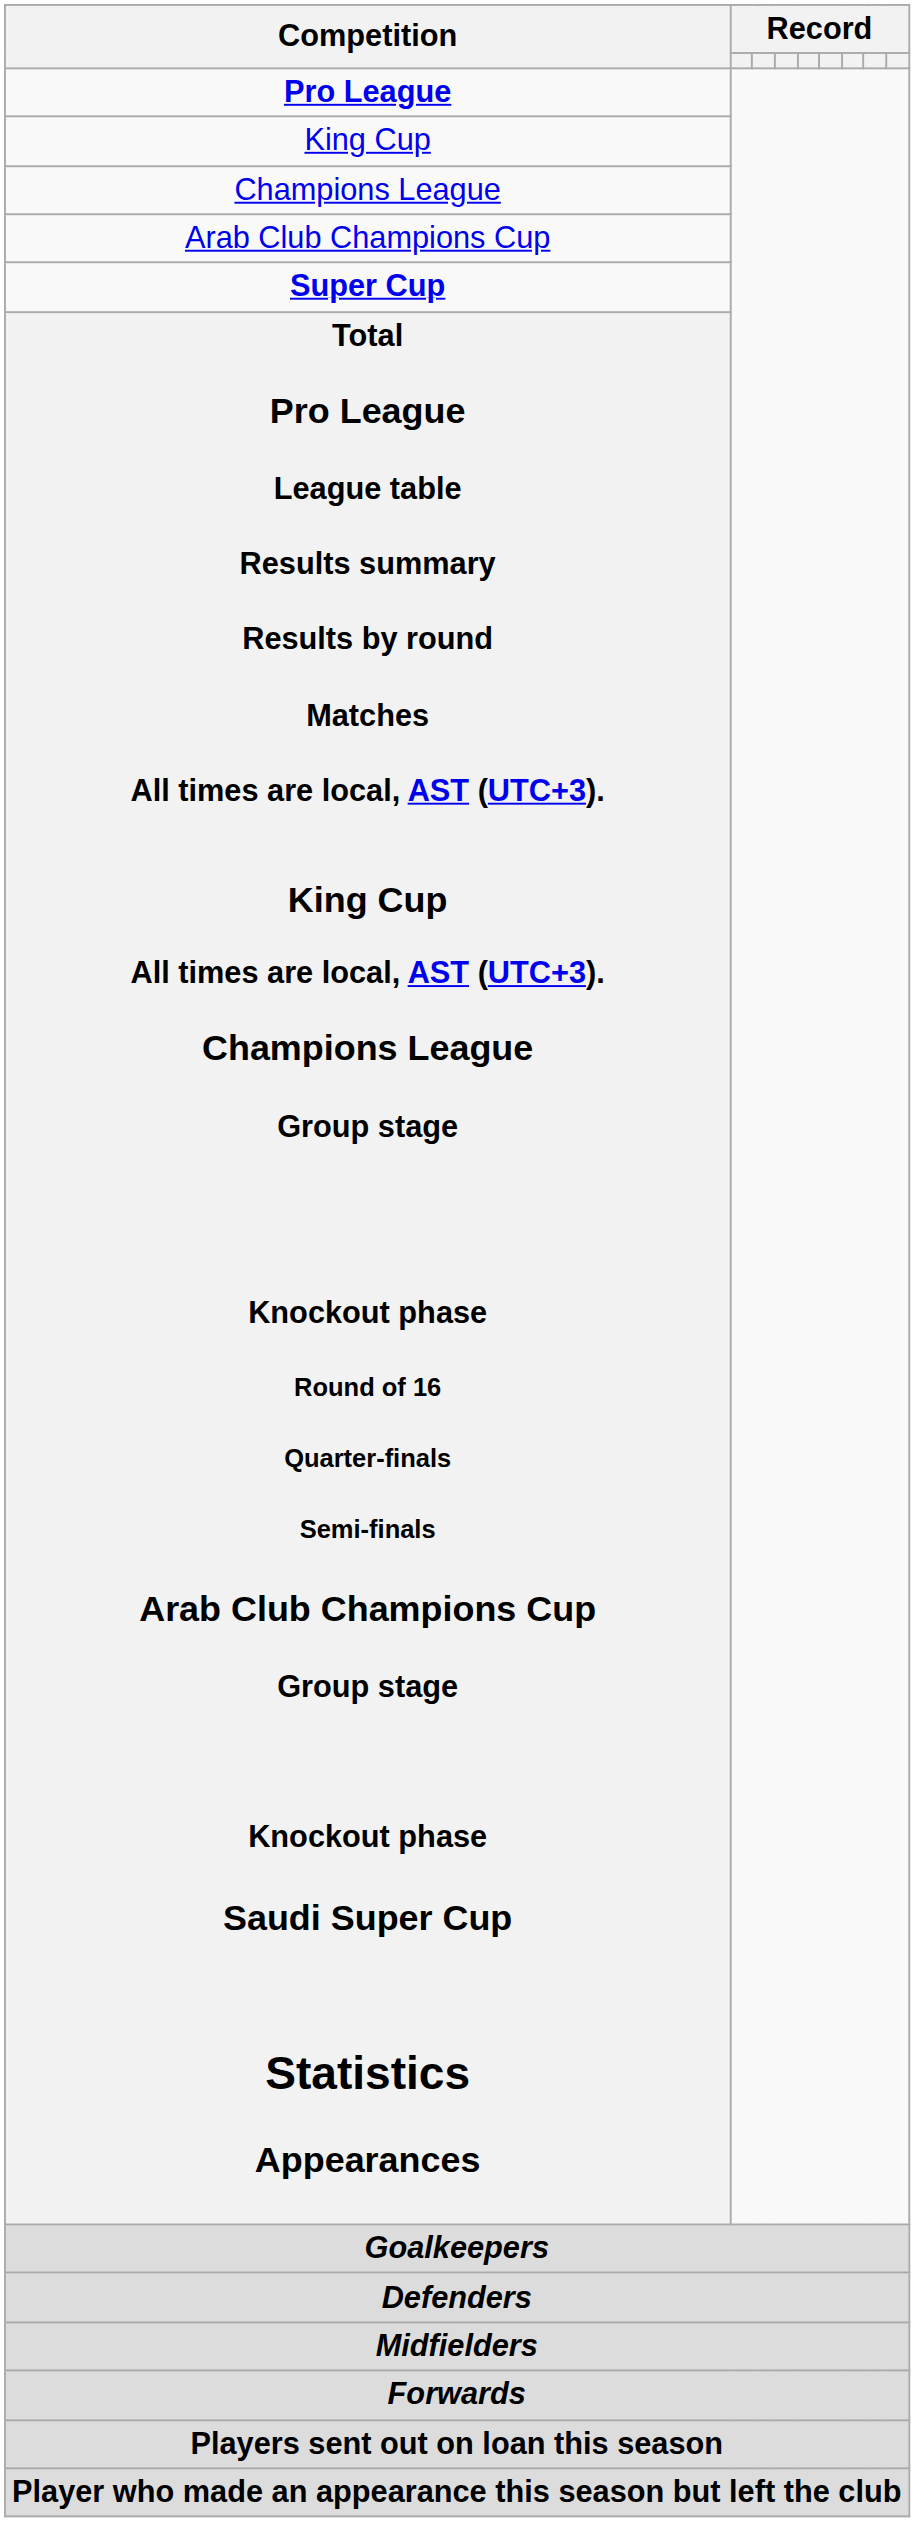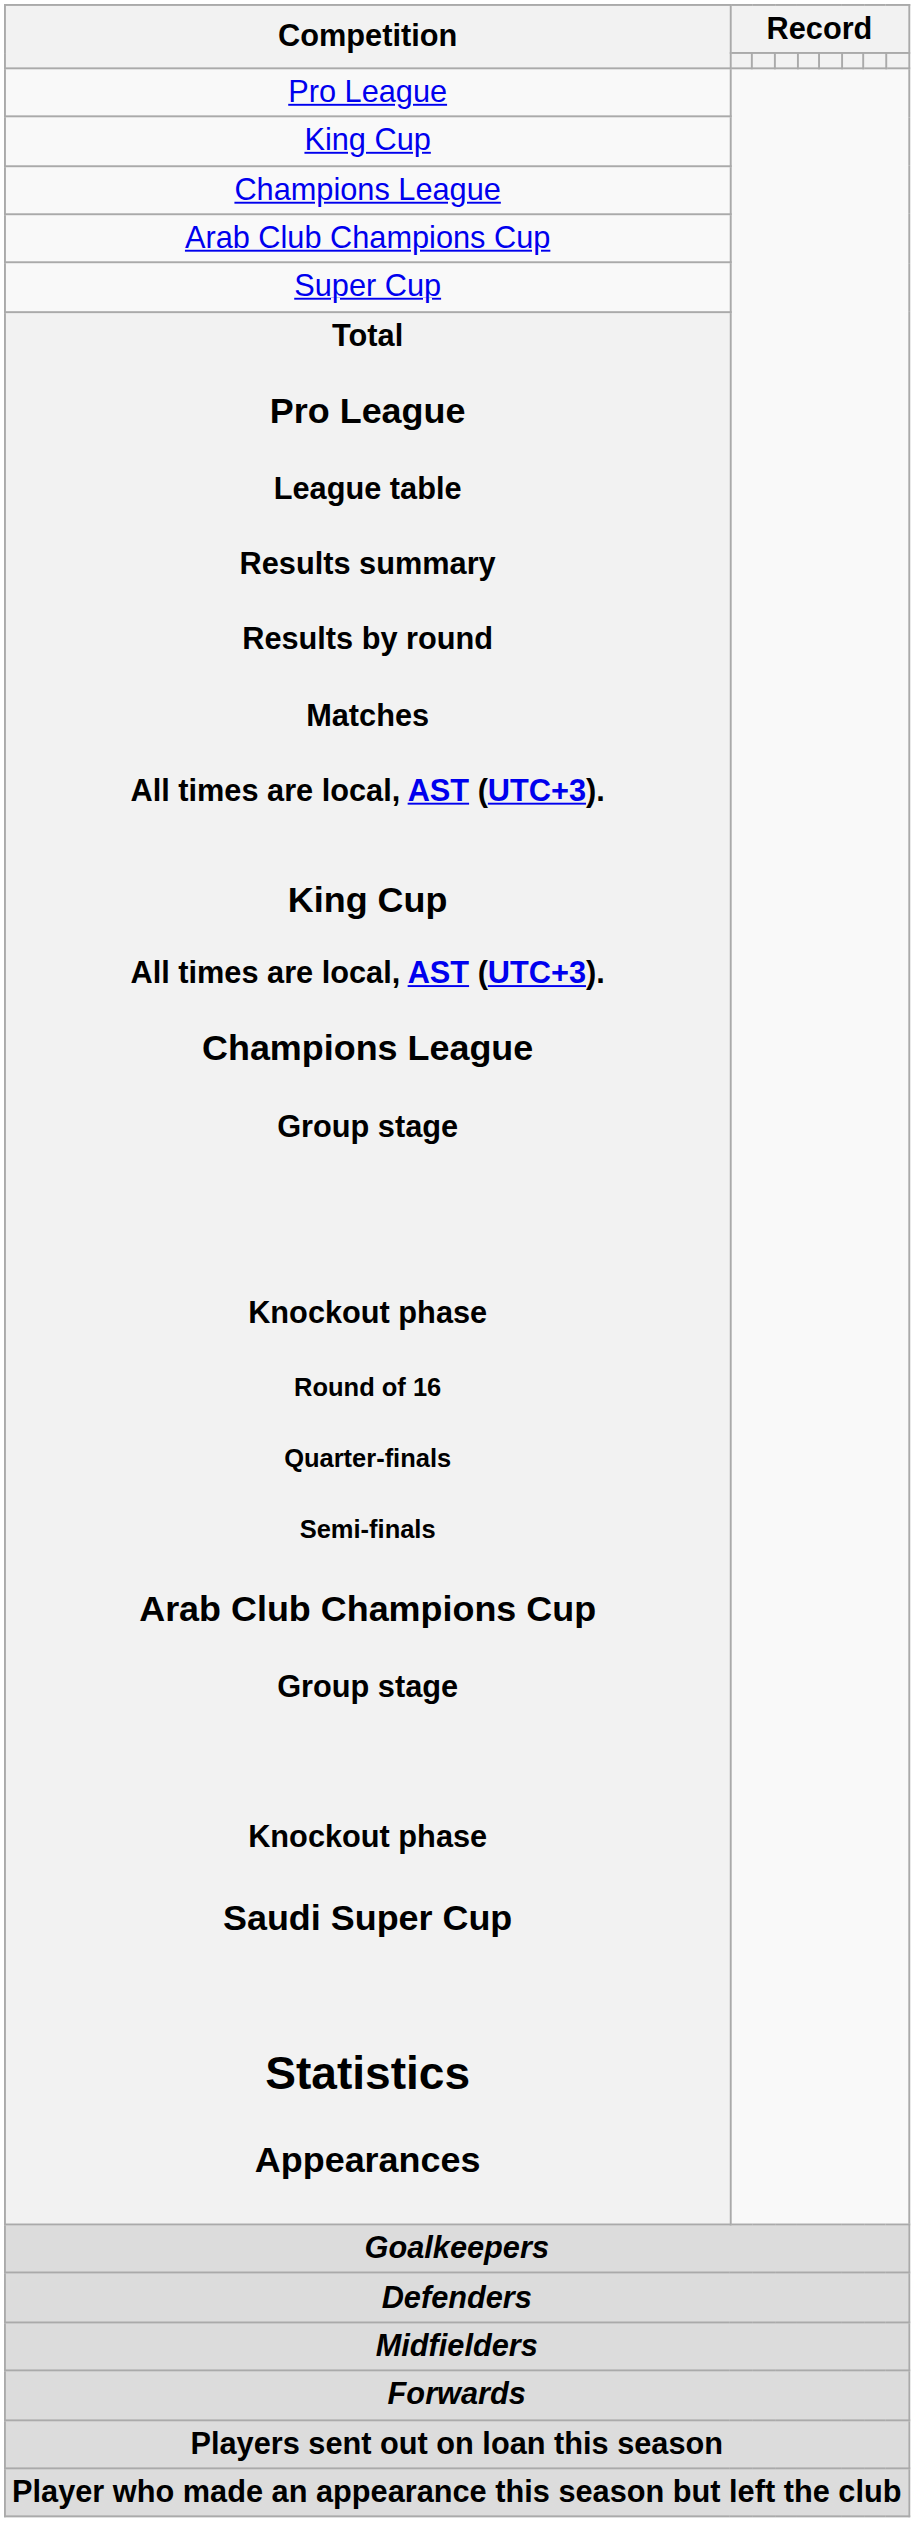 <table class="wikitable" style="text-align: center">
 <tr>
 <th rowspan=2>Competition</th>
 <th colspan=8>Record</th>
 </tr>
 <tr>
 <th></th>
 <th></th>
 <th></th>
 <th></th>
 <th></th>
 <th></th>
 <th></th>
 <th></th>
 </tr>
 <tr>
-<td><strong><a href='#'>Pro League</a><br></strong></td>
+<td><a href='#'>Pro League</a><br></td>
 </tr>
 <tr>
 <td><a href='#'>King Cup</a><br></td>
 </tr>
 <tr>
 <td><a href='#'>Champions League</a><br></td>
 </tr>
 <tr>
 <td><a href='#'>Arab Club Champions Cup</a><br></td>
 </tr>
 <tr>
-<td><strong><a href='#'>Super Cup</a><br></strong></td>
+<td><a href='#'>Super Cup</a><br></td>
 </tr>
 <tr>
 <th>Total<br> <h3>Pro League</h3><h4>League table</h4><h4>Results summary</h4> <h4>Results by round</h4><h4>Matches</h4>All times are local, <a href='#'>AST</a> (<a href='#'>UTC+3</a>).<br>   <br>                                 <h3>King Cup</h3> All times are local, <a href='#'>AST</a> (<a href='#'>UTC+3</a>).<br>    <h3>Champions League</h3><h4>Group stage</h4><br><br>     <h4>Knockout phase</h4><h5>Round of 16</h5> <h5>Quarter-finals</h5> <h5>Semi-finals</h5> <h3>Arab Club Champions Cup</h3><h4>Group stage</h4><br>  <h4>Knockout phase</h4>  <h3>Saudi Super Cup</h3><br> <h2>Statistics</h2><h3>Appearances</h3></th>
 </tr>
 <tr>
 <th colspan=20 style=background:#dcdcdc; text-align:center><em>Goalkeepers</em><br>    </th>
 </tr>
 <tr>
 <th colspan=20 style=background:#dcdcdc; text-align:center><em>Defenders</em><br>          </th>
 </tr>
 <tr>
 <th colspan=20 style=background:#dcdcdc; text-align:center><em>Midfielders</em><br>       </th>
 </tr>
 <tr>
 <th colspan=20 style=background:#dcdcdc; text-align:center><em>Forwards</em><br>    </th>
 </tr>
 <tr>
 <th colspan=20 style=background:#dcdcdc; text-align:center>Players sent out on loan this season<br>  </th>
 </tr>
 <tr>
 <th colspan=20 style=background:#dcdcdc; text-align:center>Player who made an appearance this season but left the club<br>   </th>
 </tr>
 </table>
